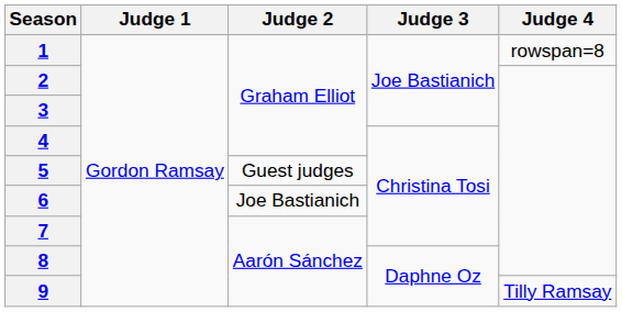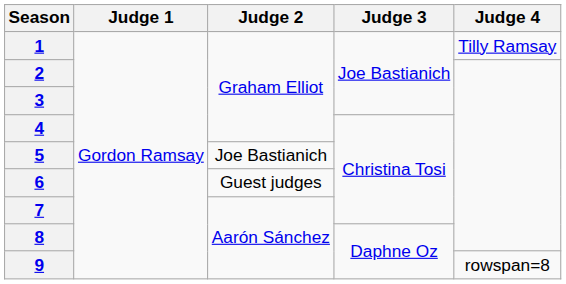 <table class="wikitable" style="text-align:center;">
 <tr>
 <th scope="col">Season</th>
 <th scope="col">Judge 1</th>
 <th scope="col">Judge 2</th>
 <th scope="col">Judge 3</th>
 <th scope="col">Judge 4</th>
 </tr>
 <tr>
 <th scope="row"><a href='#'>1</a></th>
 <td rowspan="9"><a href='#'>Gordon Ramsay</a></td>
 <td rowspan="4"><a href='#'>Graham Elliot</a></td>
 <td rowspan="3"><a href='#'>Joe Bastianich</a></td>
-<td>rowspan=8 </td>
+<td><a href='#'>Tilly Ramsay</a></td>
 </tr>
 <tr>
 <th scope="row"><a href='#'>2</a></th>
 </tr>
 <tr>
 <th scope="row"><a href='#'>3</a></th>
 </tr>
 <tr>
 <th scope="row"><a href='#'>4</a></th>
 <td rowspan="4"><a href='#'>Christina Tosi</a></td>
 </tr>
 <tr>
 <th scope="row"><a href='#'>5</a></th>
-<td>Guest judges</td>
+<td>Joe Bastianich</td>
 </tr>
 <tr>
 <th scope="row"><a href='#'>6</a></th>
-<td>Joe Bastianich</td>
+<td>Guest judges</td>
 </tr>
 <tr>
 <th scope="row"><a href='#'>7</a></th>
 <td rowspan="3"><a href='#'>Aarón Sánchez</a></td>
 </tr>
 <tr>
 <th scope="row"><a href='#'>8</a></th>
 <td rowspan="2"><a href='#'>Daphne Oz</a></td>
 </tr>
 <tr>
 <th scope="row"><a href='#'>9</a></th>
-<td><a href='#'>Tilly Ramsay</a></td>
+<td>rowspan=8 </td>
 </tr>
 </table>
